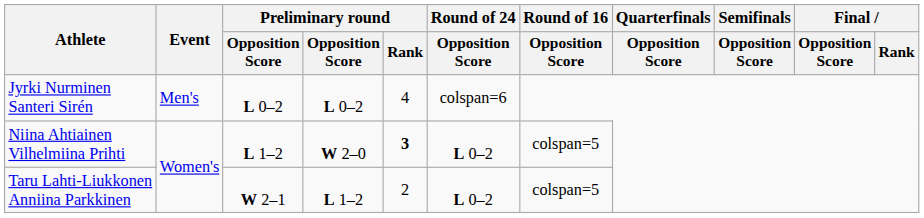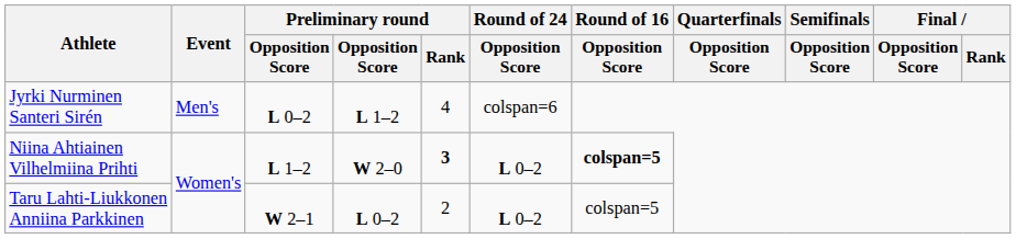 <table class=wikitable style=font-size:90%;text-align:center>
 <tr>
 <th rowspan=2>Athlete</th>
 <th rowspan=2>Event</th>
 <th colspan=3>Preliminary round</th>
 <th>Round of 24</th>
 <th>Round of 16</th>
 <th>Quarterfinals</th>
 <th>Semifinals</th>
 <th colspan=2>Final / </th>
 </tr>
 <tr style=font-size:95%>
 <th>Opposition<br>Score</th>
 <th>Opposition<br>Score</th>
 <th>Rank</th>
 <th>Opposition<br>Score</th>
 <th>Opposition<br>Score</th>
 <th>Opposition<br>Score</th>
 <th>Opposition<br>Score</th>
 <th>Opposition<br>Score</th>
 <th>Rank</th>
 </tr>
 <tr>
 <td align=left><a href='#'>Jyrki Nurminen</a><br><a href='#'>Santeri Sirén</a></td>
 <td align=left><a href='#'>Men's</a></td>
 <td><br><strong>L</strong> 0–2</td>
-<td><br> <strong>L</strong> 0–2</td>
+<td><br><strong>L</strong> 1–2</td>
 <td>4</td>
 <td>colspan=6 </td>
 </tr>
 <tr align=center>
 <td align=left><a href='#'>Niina Ahtiainen</a><br><a href='#'>Vilhelmiina Prihti</a></td>
 <td align=left rowspan=2><a href='#'>Women's</a></td>
 <td><br> <strong>L</strong> 1–2</td>
 <td><br> <strong>W</strong> 2–0</td>
 <td><strong>3</strong></td>
 <td><br> <strong>L</strong> 0–2</td>
-<td>colspan=5 </td>
+<td><strong>colspan=5 </strong></td>
 </tr>
 <tr align=center>
 <td align=left><a href='#'>Taru Lahti-Liukkonen</a><br><a href='#'>Anniina Parkkinen</a></td>
 <td><br> <strong>W</strong> 2–1</td>
-<td><br><strong>L</strong> 1–2</td>
+<td><br> <strong>L</strong> 0–2</td>
 <td>2</td>
 <td><br> <strong>L</strong> 0–2</td>
 <td>colspan=5 </td>
 </tr>
 </table>
